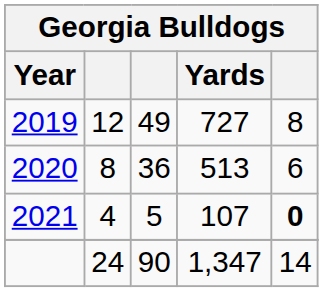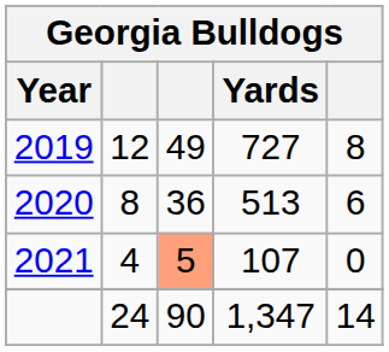 <table class="wikitable" style="text-align:center;">
 <tr>
 <th colspan="19">Georgia Bulldogs</th>
 </tr>
 <tr>
 <th>Year</th>
 <th></th>
 <th></th>
 <th>Yards</th>
 <th></th>
 </tr>
 <tr>
 <td><a href='#'>2019</a></td>
 <td>12</td>
 <td>49</td>
 <td>727</td>
 <td>8</td>
 </tr>
 <tr>
 <td><a href='#'>2020</a></td>
 <td>8</td>
 <td>36</td>
 <td>513</td>
 <td>6</td>
 </tr>
 <tr>
 <td><a href='#'>2021</a></td>
 <td>4</td>
-<td>5</td>
+<td style="background: lightsalmon;">5</td>
 <td>107</td>
-<td><strong>0</strong></td>
+<td>0</td>
 </tr>
 <tr>
 </tr>
 <tr>
 <td></td>
 <td>24</td>
 <td>90</td>
 <td>1,347</td>
 <td>14</td>
 </tr>
 </table>
